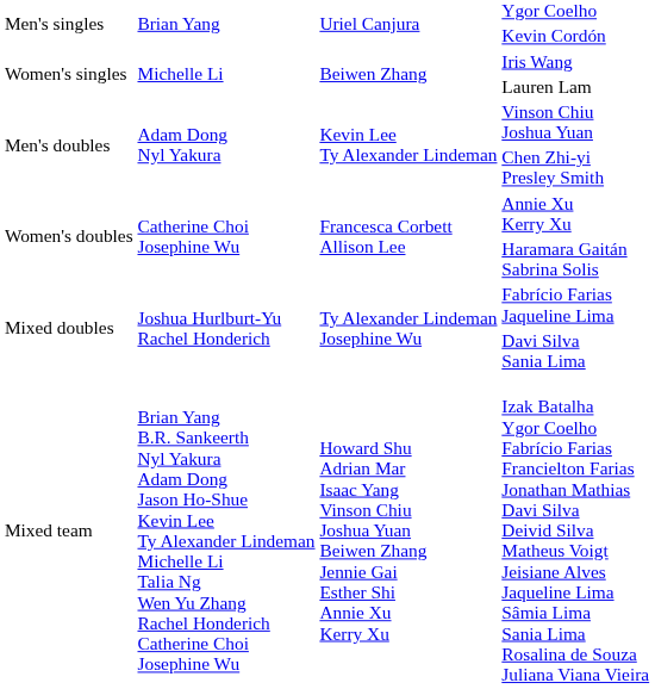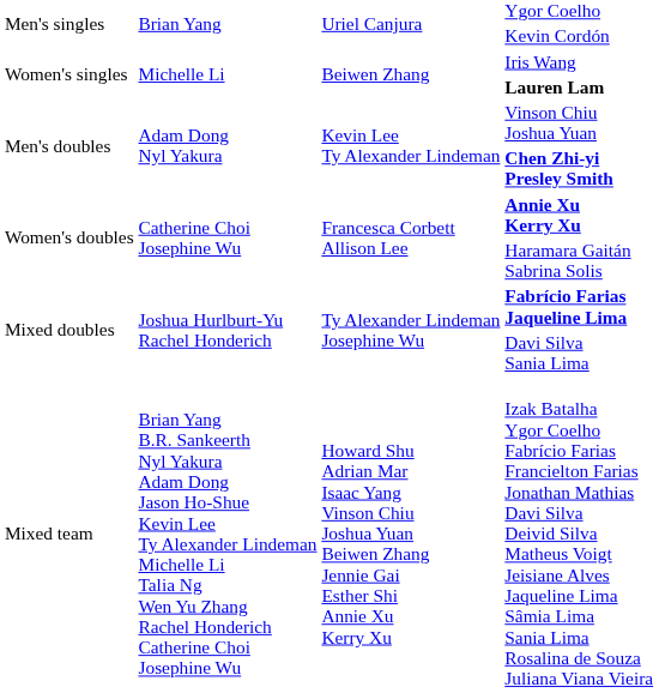 <table>
 <tr>
 <td rowspan="2">Men's singles</td>
 <td rowspan="2"> <a href='#'>Brian Yang</a></td>
 <td rowspan="2"> <a href='#'>Uriel Canjura</a></td>
 <td> <a href='#'>Ygor Coelho</a></td>
 </tr>
 <tr>
 <td> <a href='#'>Kevin Cordón</a></td>
 </tr>
 <tr>
 <td rowspan="2">Women's singles</td>
 <td rowspan="2"> <a href='#'>Michelle Li</a></td>
 <td rowspan="2"> <a href='#'>Beiwen Zhang</a></td>
 <td> <a href='#'>Iris Wang</a></td>
 </tr>
 <tr>
-<td> Lauren Lam</td>
+<td><strong> Lauren Lam</strong></td>
 </tr>
 <tr>
 <td rowspan="2">Men's doubles</td>
 <td rowspan="2"> <a href='#'>Adam Dong</a><br> <a href='#'>Nyl Yakura</a></td>
 <td rowspan="2"> <a href='#'>Kevin Lee</a><br> <a href='#'>Ty Alexander Lindeman</a></td>
 <td> <a href='#'>Vinson Chiu</a><br> <a href='#'>Joshua Yuan</a></td>
 </tr>
 <tr>
-<td> <a href='#'>Chen Zhi-yi</a><br> <a href='#'>Presley Smith</a></td>
+<td><strong> <a href='#'>Chen Zhi-yi</a><br> <a href='#'>Presley Smith</a></strong></td>
 </tr>
 <tr>
 <td rowspan="2">Women's doubles</td>
 <td rowspan="2"> <a href='#'>Catherine Choi</a><br> <a href='#'>Josephine Wu</a></td>
 <td rowspan="2"> <a href='#'>Francesca Corbett</a><br> <a href='#'>Allison Lee</a></td>
-<td> <a href='#'>Annie Xu</a><br> <a href='#'>Kerry Xu</a></td>
+<td><strong> <a href='#'>Annie Xu</a><br> <a href='#'>Kerry Xu</a></strong></td>
 </tr>
 <tr>
 <td> <a href='#'>Haramara Gaitán</a><br> <a href='#'>Sabrina Solis</a></td>
 </tr>
 <tr>
 <td rowspan="2">Mixed doubles</td>
 <td rowspan="2"> <a href='#'>Joshua Hurlburt-Yu</a><br> <a href='#'>Rachel Honderich</a></td>
 <td rowspan="2"> <a href='#'>Ty Alexander Lindeman</a><br> <a href='#'>Josephine Wu</a></td>
-<td> <a href='#'>Fabrício Farias</a><br> <a href='#'>Jaqueline Lima</a></td>
+<td><strong> <a href='#'>Fabrício Farias</a><br> <a href='#'>Jaqueline Lima</a></strong></td>
 </tr>
 <tr>
 <td> <a href='#'>Davi Silva</a><br> <a href='#'>Sania Lima</a></td>
 </tr>
 <tr>
 <td rowspan=1>Mixed team</td>
 <td rowspan=1 align="left"><br><a href='#'>Brian Yang</a><br><a href='#'>B.R. Sankeerth</a><br><a href='#'>Nyl Yakura</a><br><a href='#'>Adam Dong</a><br><a href='#'>Jason Ho-Shue</a><br><a href='#'>Kevin Lee</a><br><a href='#'>Ty Alexander Lindeman</a><br><a href='#'>Michelle Li</a><br><a href='#'>Talia Ng</a><br><a href='#'>Wen Yu Zhang</a><br><a href='#'>Rachel Honderich</a><br><a href='#'>Catherine Choi</a><br><a href='#'>Josephine Wu</a></td>
 <td rowspan=1 align="left"><br><a href='#'>Howard Shu</a><br><a href='#'>Adrian Mar</a><br><a href='#'>Isaac Yang</a><br><a href='#'>Vinson Chiu</a><br><a href='#'>Joshua Yuan</a><br><a href='#'>Beiwen Zhang</a><br><a href='#'>Jennie Gai</a><br><a href='#'>Esther Shi</a><br><a href='#'>Annie Xu</a><br><a href='#'>Kerry Xu</a></td>
 <td align="left"><br><a href='#'>Izak Batalha</a><br><a href='#'>Ygor Coelho</a><br><a href='#'>Fabrício Farias</a><br><a href='#'>Francielton Farias</a><br><a href='#'>Jonathan Mathias</a><br><a href='#'>Davi Silva</a><br><a href='#'>Deivid Silva</a><br><a href='#'>Matheus Voigt</a><br><a href='#'>Jeisiane Alves</a><br><a href='#'>Jaqueline Lima</a><br><a href='#'>Sâmia Lima</a><br><a href='#'>Sania Lima</a><br><a href='#'>Rosalina de Souza</a><br><a href='#'>Juliana Viana Vieira</a></td>
 </tr>
 </table>
